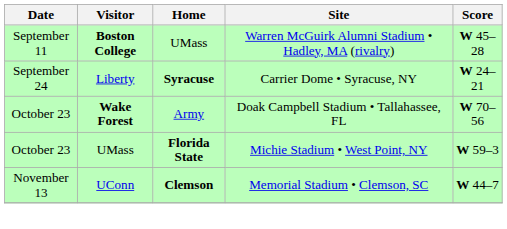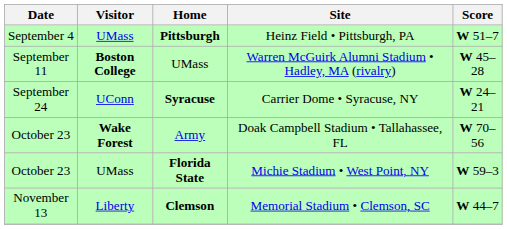 <table class="wikitable" style="text-align:center">
 <tr>
 <th>Date</th>
 <th>Visitor</th>
 <th>Home</th>
 <th>Site</th>
 <th>Score</th>
+</tr>
+<tr style="background:#bfb;">
+<td>September 4</td>
+<td><a href='#'>UMass</a></td>
+<td><strong>Pittsburgh</strong></td>
+<td>Heinz Field • Pittsburgh, PA</td>
+<td><strong>W</strong> 51–7</td>
 </tr>
 <tr style="background:#bfb;">
 <td>September 11</td>
 <td><strong>Boston College</strong></td>
 <td>UMass</td>
 <td><a href='#'>Warren McGuirk Alumni Stadium</a> • <a href='#'>Hadley, MA</a> (<a href='#'>rivalry</a>)</td>
 <td><strong>W</strong> 45–28</td>
 </tr>
 <tr style="background:#bfb;">
 <td>September 24</td>
-<td><a href='#'>Liberty</a></td>
+<td><a href='#'>UConn</a></td>
 <td><strong>Syracuse</strong></td>
 <td>Carrier Dome • Syracuse, NY</td>
 <td><strong>W</strong> 24–21</td>
 </tr>
 <tr style="background:#bfb;">
 <td>October 23</td>
 <td><strong>Wake Forest</strong></td>
 <td><a href='#'>Army</a></td>
 <td>Doak Campbell Stadium • Tallahassee, FL</td>
 <td><strong>W</strong> 70–56</td>
 </tr>
 <tr style="background:#bfb;">
 <td>October 23</td>
 <td>UMass</td>
 <td><strong>Florida State</strong></td>
 <td><a href='#'>Michie Stadium</a> • <a href='#'>West Point, NY</a></td>
 <td><strong>W</strong> 59–3</td>
 </tr>
 <tr style="background:#bfb;">
 <td>November 13</td>
-<td><a href='#'>UConn</a></td>
+<td><a href='#'>Liberty</a></td>
 <td><strong>Clemson</strong></td>
 <td><a href='#'>Memorial Stadium</a> • <a href='#'>Clemson, SC</a></td>
 <td><strong>W</strong> 44–7</td>
 </tr>
 <tr>
 </tr>
 </table>
